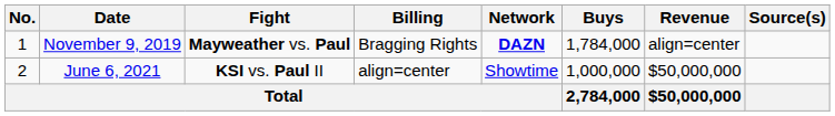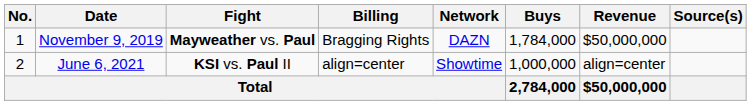 <table class="wikitable sortable">
 <tr>
 <th>No.</th>
 <th>Date</th>
 <th>Fight</th>
 <th>Billing</th>
 <th>Network</th>
 <th>Buys</th>
 <th>Revenue</th>
 <th>Source(s)</th>
 </tr>
 <tr>
 <td align=center>1</td>
 <td align=center><a href='#'>November 9, 2019</a></td>
 <td align="center"><strong>Mayweather</strong> vs. <strong>Paul</strong></td>
 <td align="center">Bragging Rights</td>
-<td align=center><strong><a href='#'>DAZN</a></strong></td>
+<td align=center><a href='#'>DAZN</a></td>
 <td align=center>1,784,000</td>
-<td>align=center </td>
+<td align="center">$50,000,000</td>
 <td align="center"></td>
 </tr>
 <tr>
 <td align="center">2</td>
 <td align="center"><a href='#'>June 6, 2021</a></td>
 <td align=center><strong>KSI</strong> vs. <strong>Paul</strong> II</td>
 <td>align=center </td>
 <td align="center"><a href='#'>Showtime</a></td>
 <td align="center">1,000,000</td>
-<td align="center">$50,000,000</td>
+<td>align=center </td>
 <td align="center"></td>
 </tr>
 <tr>
 <th colspan="5">Total</th>
 <th>2,784,000</th>
 <th>$50,000,000</th>
 <th></th>
 </tr>
 </table>
